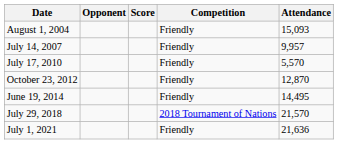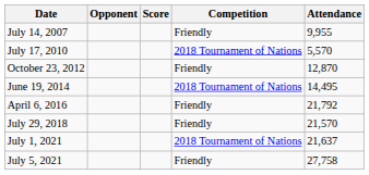 <table class="wikitable" style="font-size: 95%;text-align:;">
 <tr>
 <th>Date</th>
 <th>Opponent</th>
 <th>Score</th>
 <th>Competition</th>
 <th>Attendance</th>
 </tr>
 <tr>
-<td>August 1, 2004</td>
-<td></td>
-<td></td>
-<td>Friendly</td>
-<td>15,093</td>
-</tr>
-<tr>
 <td>July 14, 2007</td>
 <td></td>
 <td></td>
 <td>Friendly</td>
-<td>9,957</td>
+<td>9,955</td>
 </tr>
 <tr>
 <td>July 17, 2010</td>
 <td></td>
 <td></td>
-<td>Friendly</td>
+<td><a href='#'>2018 Tournament of Nations</a></td>
 <td>5,570</td>
 </tr>
 <tr>
 <td>October 23, 2012</td>
 <td></td>
 <td></td>
 <td>Friendly</td>
 <td>12,870</td>
 </tr>
 <tr>
 <td>June 19, 2014</td>
 <td></td>
 <td></td>
+<td><a href='#'>2018 Tournament of Nations</a></td>
+<td>14,495</td>
+</tr>
+<tr>
+<td>April 6, 2016</td>
+<td></td>
+<td></td>
 <td>Friendly</td>
-<td>14,495</td>
+<td>21,792</td>
 </tr>
 <tr>
 <td>July 29, 2018</td>
 <td></td>
 <td></td>
-<td><a href='#'>2018 Tournament of Nations</a></td>
+<td>Friendly</td>
 <td>21,570</td>
 </tr>
 <tr>
 <td>July 1, 2021</td>
 <td></td>
 <td></td>
+<td><a href='#'>2018 Tournament of Nations</a></td>
+<td>21,637</td>
+</tr>
+<tr>
+<td>July 5, 2021</td>
+<td></td>
+<td></td>
 <td>Friendly</td>
-<td>21,636</td>
+<td>27,758</td>
 </tr>
 </table>
